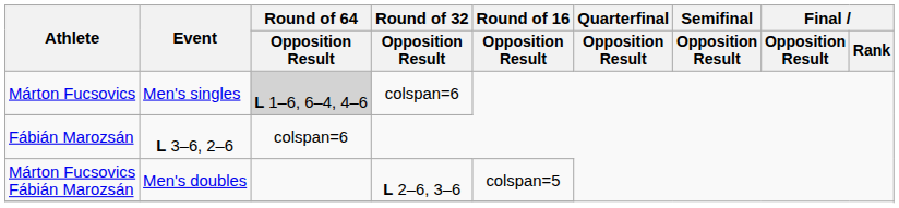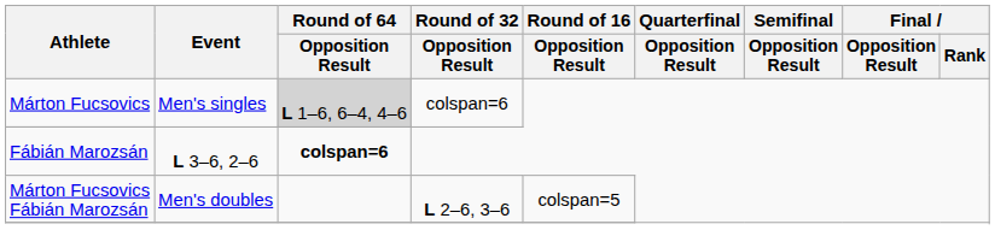 <table class="wikitable" style="font-size:90%;">
 <tr>
 <th rowspan=2>Athlete</th>
 <th rowspan=2>Event</th>
 <th>Round of 64</th>
 <th>Round of 32</th>
 <th>Round of 16</th>
 <th>Quarterfinal</th>
 <th>Semifinal</th>
 <th colspan=2>Final / </th>
 </tr>
 <tr style="font-size:95%">
 <th>Opposition<br>Result</th>
 <th>Opposition<br>Result</th>
 <th>Opposition<br>Result</th>
 <th>Opposition<br>Result</th>
 <th>Opposition<br>Result</th>
 <th>Opposition<br>Result</th>
 <th>Rank</th>
 </tr>
 <tr align=center>
 <td align=left><a href='#'>Márton Fucsovics</a></td>
 <td align=left rowspan=2><a href='#'>Men's singles</a></td>
 <td style="background: lightgrey;"><br><strong>L</strong> 1–6, 6–4, 4–6</td>
 <td>colspan=6 </td>
 </tr>
 <tr>
 </tr>
 <tr align=center>
 <td align=left><a href='#'>Fábián Marozsán</a></td>
 <td><br><strong>L</strong> 3–6, 2–6</td>
-<td>colspan=6 </td>
+<td><strong>colspan=6 </strong></td>
 </tr>
 <tr align=center>
 <td align=left><a href='#'>Márton Fucsovics</a><br><a href='#'>Fábián Marozsán</a></td>
 <td align=left><a href='#'>Men's doubles</a></td>
 <td></td>
 <td><br><strong>L</strong> 2–6, 3–6</td>
 <td>colspan=5 </td>
 </tr>
 <tr>
 </tr>
 </table>
